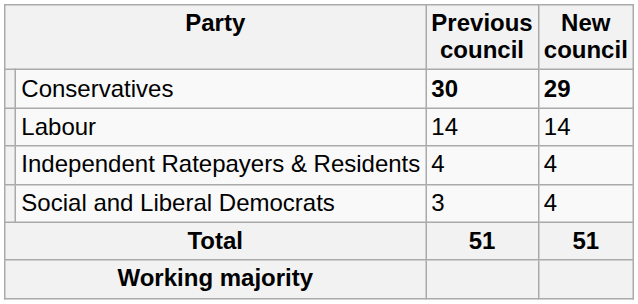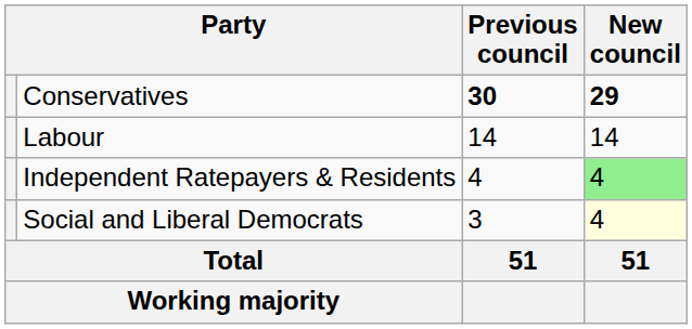 <table class="wikitable">
 <tr>
 <th valign=top colspan="2" style="width: 230px">Party</th>
 <th valign=top style="width: 30px">Previous council</th>
 <th valign=top style="width: 30px">New council</th>
 </tr>
 <tr>
 <th style="background-color: "></th>
 <td>Conservatives</td>
 <td><strong>30</strong></td>
 <td><strong>29</strong></td>
 </tr>
 <tr>
 <th style="background-color: "></th>
 <td>Labour</td>
 <td>14</td>
 <td>14</td>
 </tr>
 <tr>
 <th style="background-color: "></th>
 <td>Independent Ratepayers & Residents</td>
 <td>4</td>
-<td>4</td>
+<td style="background: lightgreen;">4</td>
 </tr>
 <tr>
 <th style="background-color: "></th>
 <td>Social and Liberal Democrats</td>
 <td>3</td>
-<td>4</td>
+<td style="background: lightyellow;">4</td>
 </tr>
 <tr>
 <th colspan=2>Total</th>
 <th style="text-align: center">51</th>
 <th colspan=3>51</th>
 </tr>
 <tr>
 <th colspan=2>Working majority</th>
 <th></th>
 <th></th>
 </tr>
 </table>
